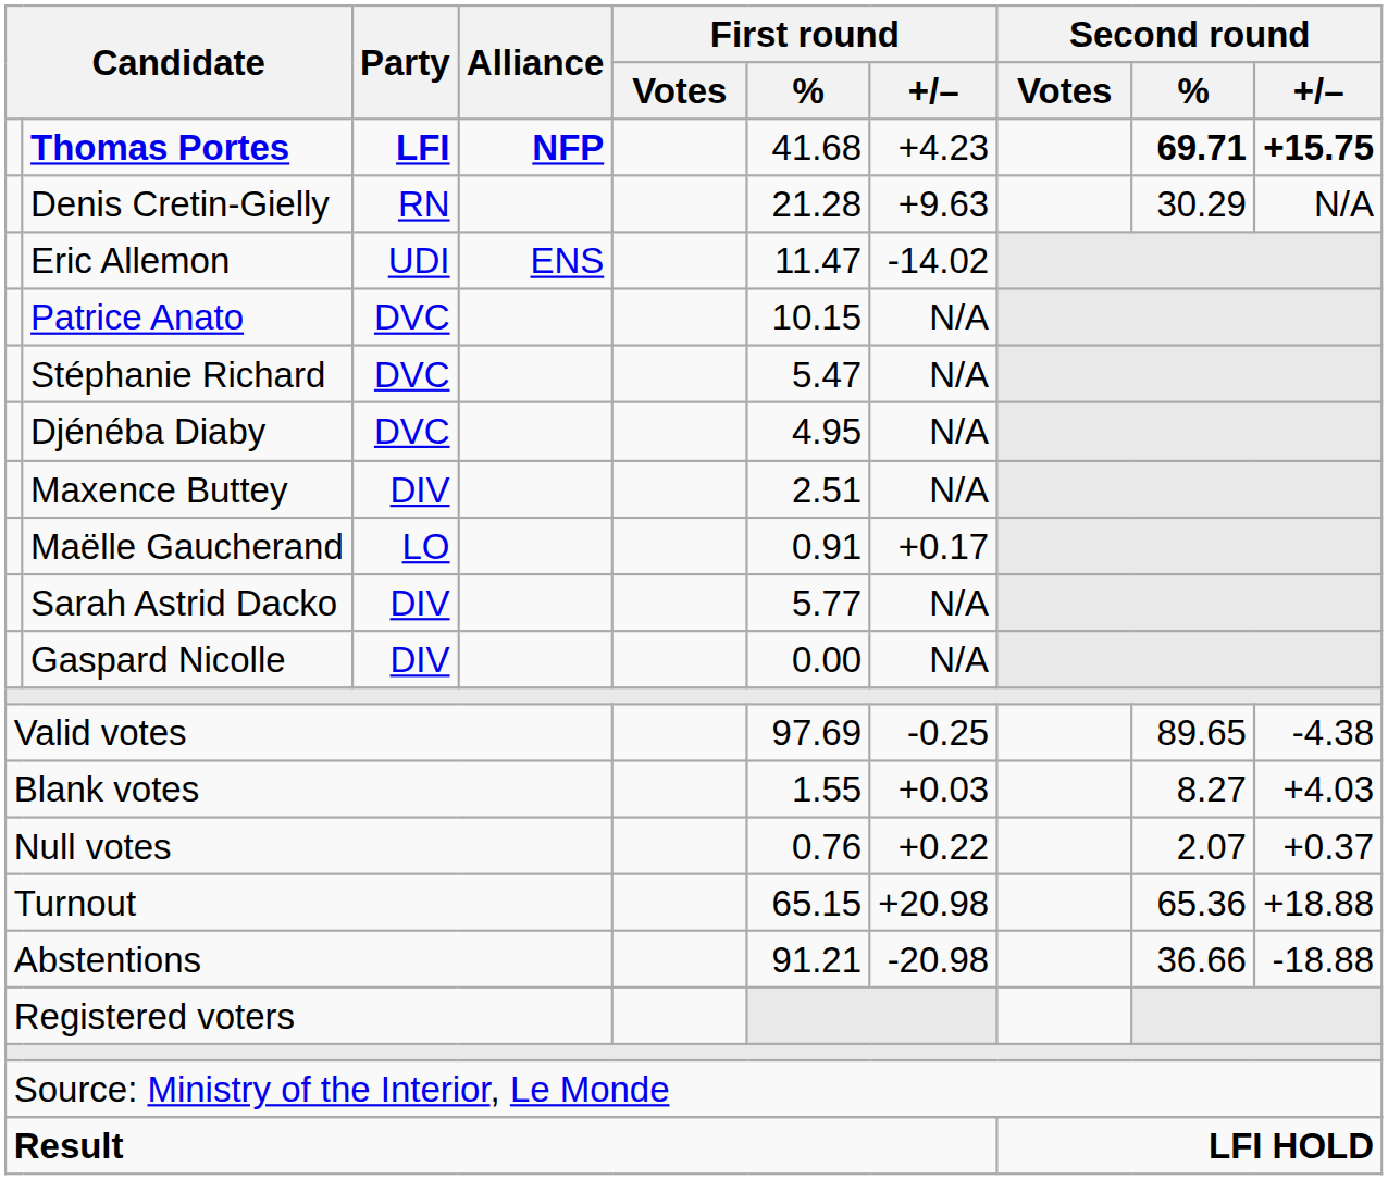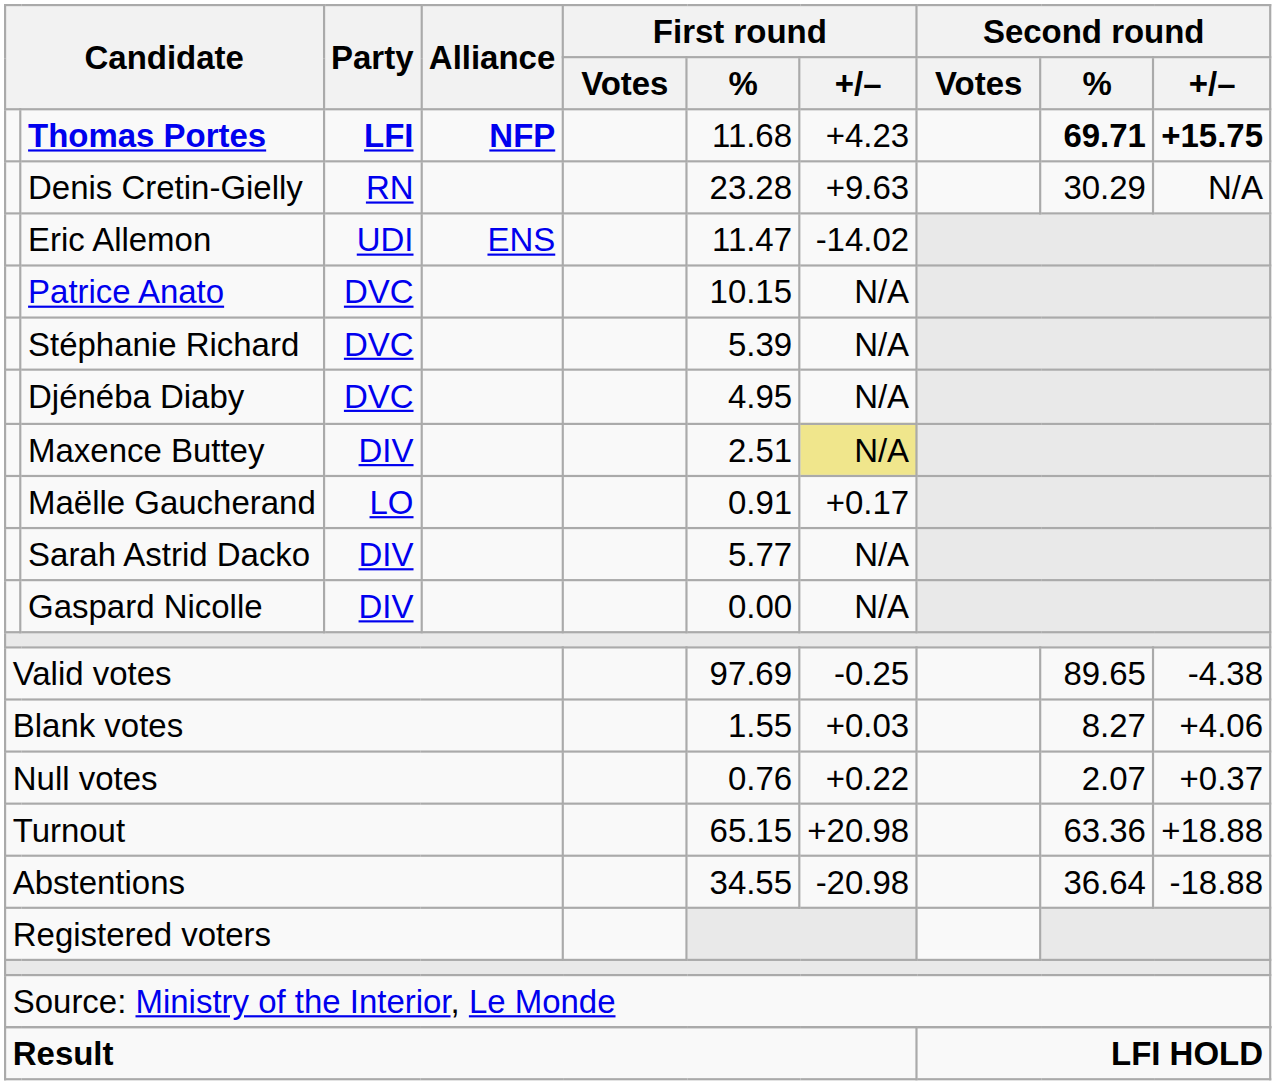 <table class="wikitable" style="text-align:right;font-size:95%;">
 <tr>
 <th rowspan="2" colspan="2">Candidate</th>
 <th rowspan="2">Party</th>
 <th rowspan="2">Alliance</th>
 <th colspan="3">First round</th>
 <th colspan="3">Second round</th>
 </tr>
 <tr>
 <th style="width:50px;">Votes</th>
 <th style="width:45px;">%</th>
 <th style="width:45px;">+/–</th>
 <th style="width:50px;">Votes</th>
 <th style="width:45px;">%</th>
 <th style="width:45px;">+/–</th>
 </tr>
 <tr>
 <td style="color:inherit;background:"></td>
 <td style="text-align:left;"><strong><a href='#'>Thomas Portes</a></strong></td>
 <td><a href='#'><strong>LFI</strong></a></td>
 <td><a href='#'><strong>NFP</strong></a></td>
 <td></td>
-<td>41.68</td>
+<td>11.68</td>
 <td>+4.23</td>
 <td><strong></strong></td>
 <td><strong>69.71</strong></td>
 <td><strong>+15.75</strong></td>
 </tr>
 <tr>
 <td style="color:inherit;background:"></td>
 <td style="text-align:left;">Denis Cretin-Gielly</td>
 <td><a href='#'>RN</a></td>
 <td></td>
 <td></td>
-<td>21.28</td>
+<td>23.28</td>
 <td>+9.63</td>
 <td></td>
 <td>30.29</td>
 <td>N/A</td>
 </tr>
 <tr>
 <td style="color:inherit;background:"></td>
 <td style="text-align:left;">Eric Allemon</td>
 <td><a href='#'>UDI</a></td>
 <td><a href='#'>ENS</a></td>
 <td></td>
 <td>11.47</td>
 <td>-14.02</td>
 <td colspan="3" style="background:#E9E9E9;"></td>
 </tr>
 <tr>
 <td style="color:inherit;background:"></td>
 <td style="text-align:left;"><a href='#'>Patrice Anato</a></td>
 <td><a href='#'>DVC</a></td>
 <td></td>
 <td></td>
 <td>10.15</td>
 <td>N/A</td>
 <td colspan="3" style="background:#E9E9E9;"></td>
 </tr>
 <tr>
 <td style="color:inherit;background:"></td>
 <td style="text-align:left;">Stéphanie Richard</td>
 <td><a href='#'>DVC</a></td>
 <td></td>
 <td></td>
-<td>5.47</td>
+<td>5.39</td>
 <td>N/A</td>
 <td colspan="3" style="background:#E9E9E9;"></td>
 </tr>
 <tr>
 <td style="color:inherit;background:"></td>
 <td style="text-align:left;">Djénéba Diaby</td>
 <td><a href='#'>DVC</a></td>
 <td></td>
 <td></td>
 <td>4.95</td>
 <td>N/A</td>
 <td colspan="3" style="background:#E9E9E9;"></td>
 </tr>
 <tr>
 <td style="color:inherit;background:"></td>
 <td style="text-align:left;">Maxence Buttey</td>
 <td><a href='#'>DIV</a></td>
 <td></td>
 <td></td>
 <td>2.51</td>
-<td>N/A</td>
+<td style="background: khaki;">N/A</td>
 <td colspan="3" style="background:#E9E9E9;"></td>
 </tr>
 <tr>
 <td style="color:inherit;background:"></td>
 <td style="text-align:left;">Maëlle Gaucherand</td>
 <td><a href='#'>LO</a></td>
 <td></td>
 <td></td>
 <td>0.91</td>
 <td>+0.17</td>
 <td colspan="3" style="background:#E9E9E9;"></td>
 </tr>
 <tr>
 <td style="color:inherit;background:"></td>
 <td style="text-align:left;">Sarah Astrid Dacko</td>
 <td><a href='#'>DIV</a></td>
 <td></td>
 <td></td>
 <td>5.77</td>
 <td>N/A</td>
 <td colspan="3" style="background:#E9E9E9;"></td>
 </tr>
 <tr>
 <td style="color:inherit;background:"></td>
 <td style="text-align:left;">Gaspard Nicolle</td>
 <td><a href='#'>DIV</a></td>
 <td></td>
 <td></td>
 <td>0.00</td>
 <td>N/A</td>
 <td colspan="3" style="background:#E9E9E9;"></td>
 </tr>
 <tr>
 <td colspan="10" style="background:#E9E9E9;"></td>
 </tr>
 <tr>
 <td colspan="4" style="text-align:left;">Valid votes</td>
 <td></td>
 <td>97.69</td>
 <td>-0.25</td>
 <td></td>
 <td>89.65</td>
 <td>-4.38</td>
 </tr>
 <tr>
 <td colspan="4" style="text-align:left;">Blank votes</td>
 <td></td>
 <td>1.55</td>
 <td>+0.03</td>
 <td></td>
 <td>8.27</td>
-<td>+4.03</td>
+<td>+4.06</td>
 </tr>
 <tr>
 <td colspan="4" style="text-align:left;">Null votes</td>
 <td></td>
 <td>0.76</td>
 <td>+0.22</td>
 <td></td>
 <td>2.07</td>
 <td>+0.37</td>
 </tr>
 <tr>
 <td colspan="4" style="text-align:left;">Turnout</td>
 <td></td>
 <td>65.15</td>
 <td>+20.98</td>
 <td></td>
-<td>65.36</td>
+<td>63.36</td>
 <td>+18.88</td>
 </tr>
 <tr>
 <td colspan="4" style="text-align:left;">Abstentions</td>
 <td></td>
-<td>91.21</td>
+<td>34.55</td>
 <td>-20.98</td>
 <td></td>
-<td>36.66</td>
+<td>36.64</td>
 <td>-18.88</td>
 </tr>
 <tr>
 <td colspan="4" style="text-align:left;">Registered voters</td>
 <td></td>
 <td colspan="2" style="background:#E9E9E9;"></td>
 <td></td>
 <td colspan="2" style="background:#E9E9E9;"></td>
 </tr>
 <tr>
 <td colspan="10" style="background:#E9E9E9;"></td>
 </tr>
 <tr>
 <td colspan="10" style="text-align:left;">Source: <a href='#'>Ministry of the Interior</a>, <a href='#'>Le Monde</a></td>
 </tr>
 <tr>
 </tr>
 <tr style="font-weight:bold">
 <td colspan="7" style="text-align:left;">Result</td>
 <td colspan="7" style="background-color:">LFI HOLD</td>
 </tr>
 </table>
